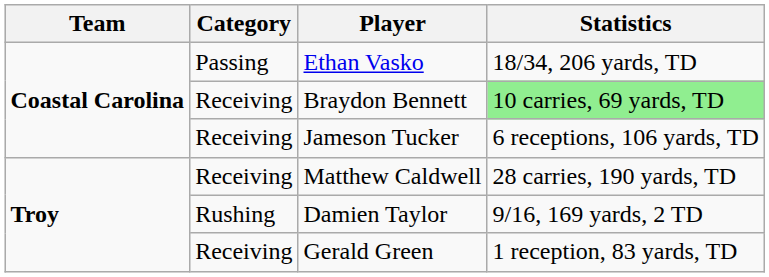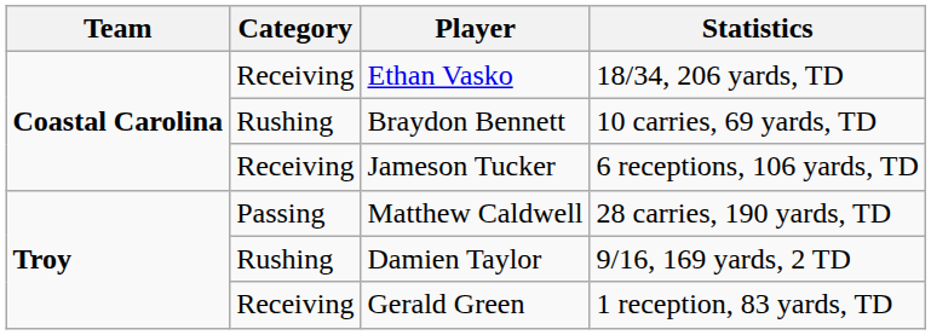 <table class="wikitable" style="float: right;">
 <tr>
 <th>Team</th>
 <th>Category</th>
 <th>Player</th>
 <th>Statistics</th>
 </tr>
 <tr>
 <td rowspan=3><strong>Coastal Carolina</strong></td>
-<td>Passing</td>
+<td>Receiving</td>
 <td><a href='#'>Ethan Vasko</a></td>
 <td>18/34, 206 yards, TD</td>
 </tr>
 <tr>
-<td>Receiving</td>
+<td>Rushing</td>
 <td>Braydon Bennett</td>
-<td style="background: lightgreen;">10 carries, 69 yards, TD</td>
+<td>10 carries, 69 yards, TD</td>
 </tr>
 <tr>
 <td>Receiving</td>
 <td>Jameson Tucker</td>
 <td>6 receptions, 106 yards, TD</td>
 </tr>
 <tr>
 <td rowspan=3><strong>Troy</strong></td>
-<td>Receiving</td>
+<td>Passing</td>
 <td>Matthew Caldwell</td>
 <td>28 carries, 190 yards, TD</td>
 </tr>
 <tr>
 <td>Rushing</td>
 <td>Damien Taylor</td>
 <td>9/16, 169 yards, 2 TD</td>
 </tr>
 <tr>
 <td>Receiving</td>
 <td>Gerald Green</td>
 <td>1 reception, 83 yards, TD</td>
 </tr>
 </table>
